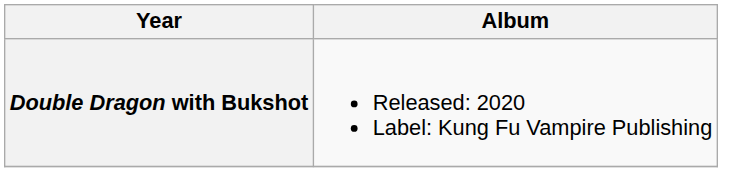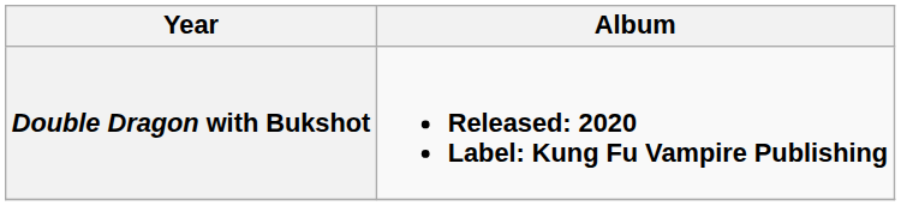 <table class="wikitable">
 <tr>
 <th>Year</th>
 <th>Album</th>
 </tr>
 <tr>
 <th scope="row"><em>Double Dragon</em> with Bukshot</th>
-<td><br><ul><li>Released: 2020</li><li>Label: Kung Fu Vampire Publishing</li></ul></td>
+<td><strong><br><ul><li>Released: 2020</li><li>Label: Kung Fu Vampire Publishing</li></ul></strong></td>
 </tr>
 <tr>
 </tr>
 </table>
